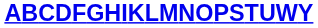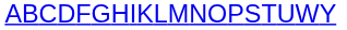 <table id="toc" class="toc" summary="Class">
 <tr>
 <th></th>
 </tr>
 <tr>
-<td style="text-align:center;"><strong><a href='#'>A</a><a href='#'>B</a><a href='#'>C</a><a href='#'>D</a><a href='#'>F</a><a href='#'>G</a><a href='#'>H</a><a href='#'>I</a><a href='#'>K</a><a href='#'>L</a><a href='#'>M</a><a href='#'>N</a><a href='#'>O</a><a href='#'>P</a><a href='#'>S</a><a href='#'>T</a><a href='#'>U</a><a href='#'>W</a><a href='#'>Y</a></strong></td>
+<td style="text-align:center;"><a href='#'>A</a><a href='#'>B</a><a href='#'>C</a><a href='#'>D</a><a href='#'>F</a><a href='#'>G</a><a href='#'>H</a><a href='#'>I</a><a href='#'>K</a><a href='#'>L</a><a href='#'>M</a><a href='#'>N</a><a href='#'>O</a><a href='#'>P</a><a href='#'>S</a><a href='#'>T</a><a href='#'>U</a><a href='#'>W</a><a href='#'>Y</a></td>
 </tr>
 </table>
